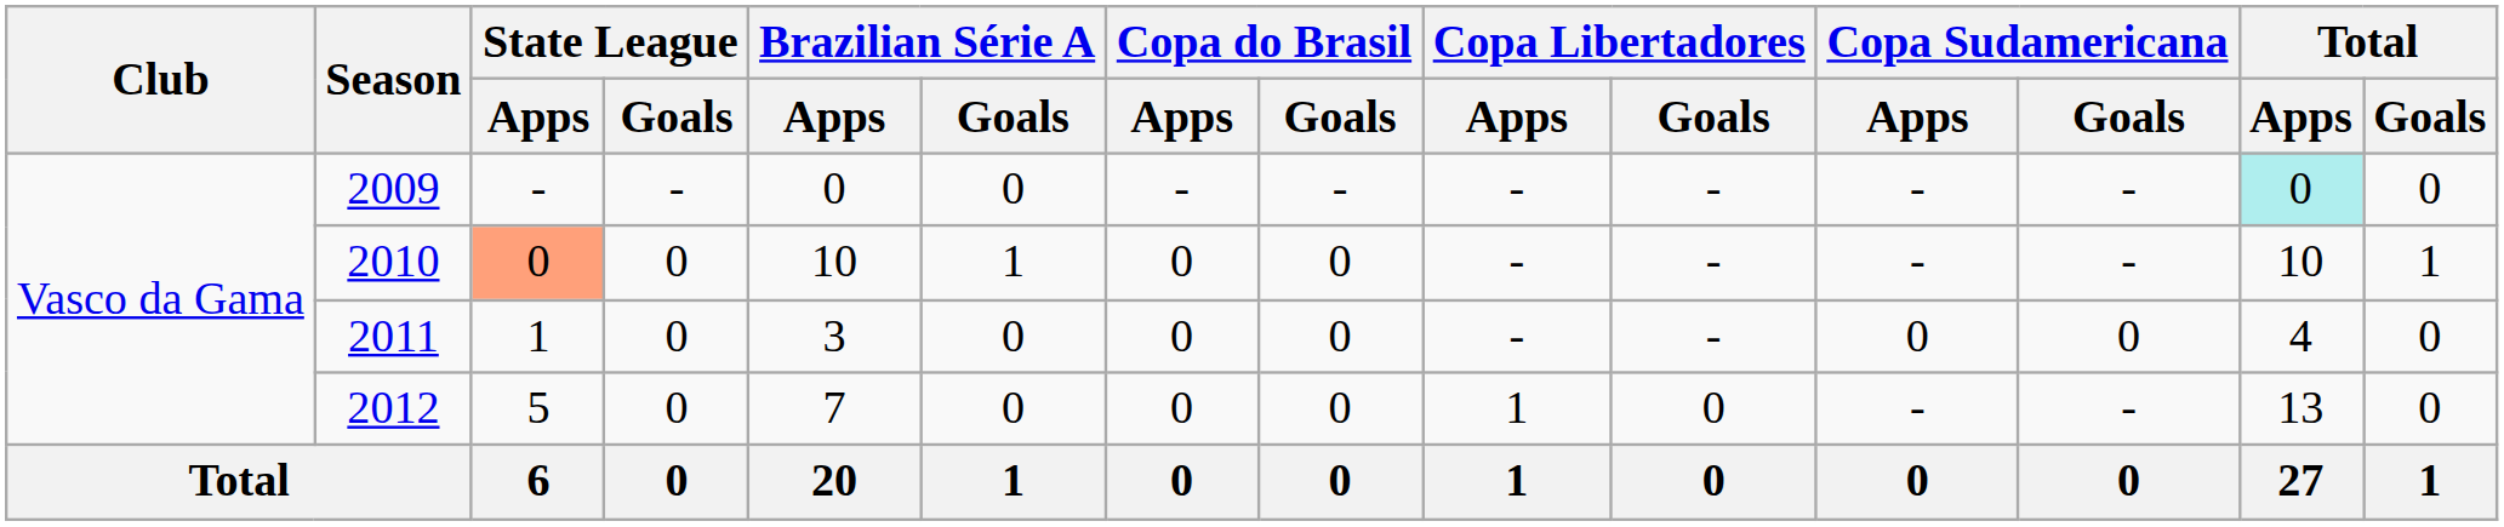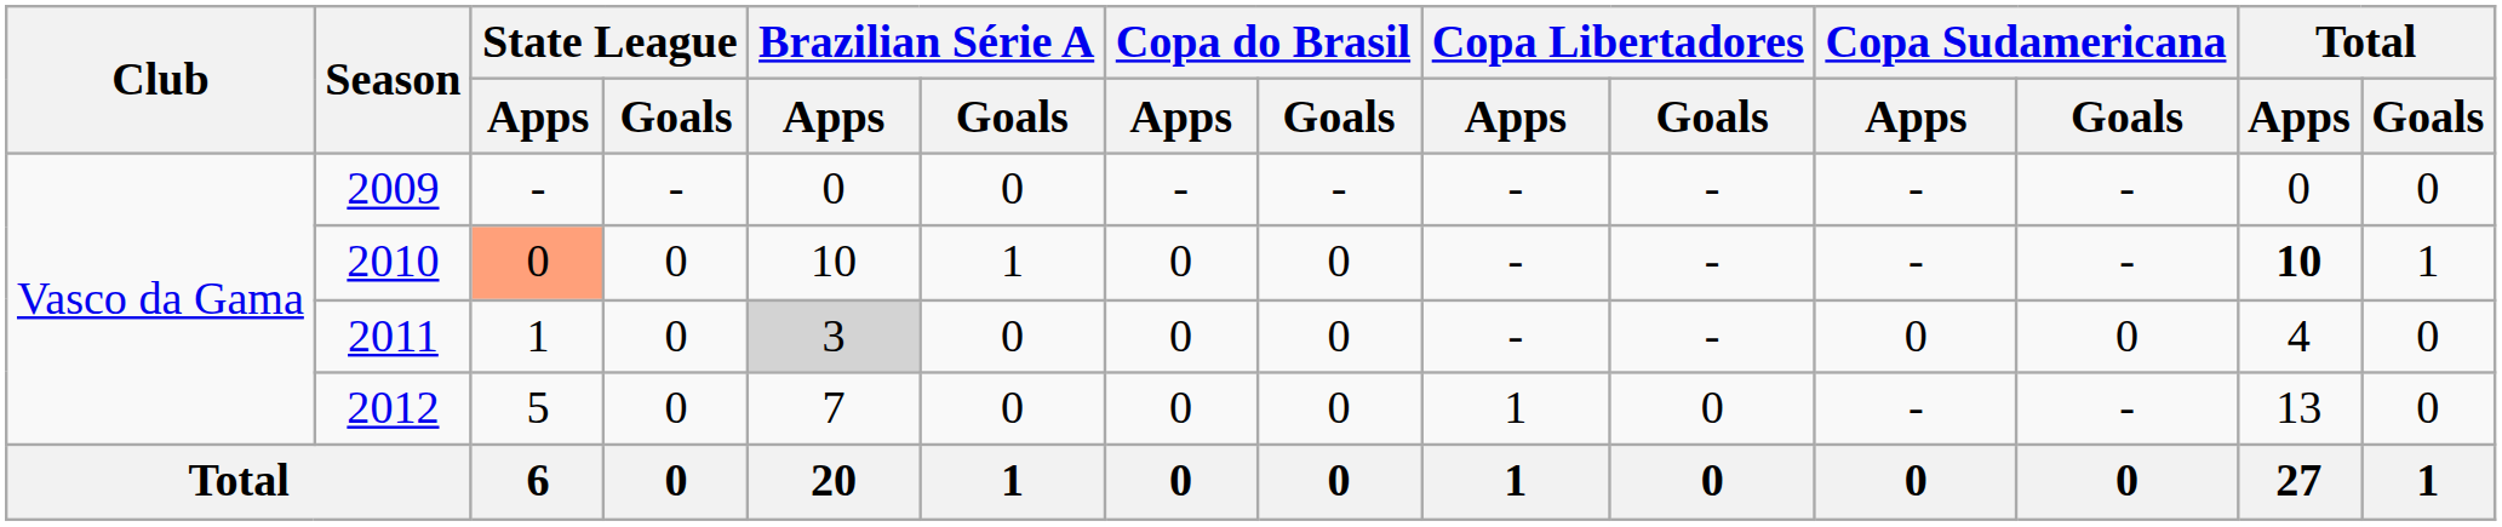 <table class="wikitable" style="text-align: center;">
 <tr>
 <th rowspan="2">Club</th>
 <th rowspan="2">Season</th>
 <th colspan="2">State League</th>
 <th colspan="2"><a href='#'>Brazilian Série A</a></th>
 <th colspan="2"><a href='#'>Copa do Brasil</a></th>
 <th colspan="2"><a href='#'>Copa Libertadores</a></th>
 <th colspan="2"><a href='#'>Copa Sudamericana</a></th>
 <th colspan="2">Total</th>
 </tr>
 <tr>
 <th>Apps</th>
 <th>Goals</th>
 <th>Apps</th>
 <th>Goals</th>
 <th>Apps</th>
 <th>Goals</th>
 <th>Apps</th>
 <th>Goals</th>
 <th>Apps</th>
 <th>Goals</th>
 <th>Apps</th>
 <th>Goals</th>
 </tr>
 <tr>
 <td rowspan="4" valign="center"><a href='#'>Vasco da Gama</a></td>
 <td><a href='#'>2009</a></td>
 <td>-</td>
 <td>-</td>
 <td>0</td>
 <td>0</td>
 <td>-</td>
 <td>-</td>
 <td>-</td>
 <td>-</td>
 <td>-</td>
 <td>-</td>
-<td style="background: paleturquoise;">0</td>
+<td>0</td>
 <td>0</td>
 </tr>
 <tr>
 <td><a href='#'>2010</a></td>
 <td style="background: lightsalmon;">0</td>
 <td>0</td>
 <td>10</td>
 <td>1</td>
 <td>0</td>
 <td>0</td>
 <td>-</td>
 <td>-</td>
 <td>-</td>
 <td>-</td>
-<td>10</td>
+<td><strong>10</strong></td>
 <td>1</td>
 </tr>
 <tr>
 <td><a href='#'>2011</a></td>
 <td>1</td>
 <td>0</td>
-<td>3</td>
+<td style="background: lightgrey;">3</td>
 <td>0</td>
 <td>0</td>
 <td>0</td>
 <td>-</td>
 <td>-</td>
 <td>0</td>
 <td>0</td>
 <td>4</td>
 <td>0</td>
 </tr>
 <tr>
 <td><a href='#'>2012</a></td>
 <td>5</td>
 <td>0</td>
 <td>7</td>
 <td>0</td>
 <td>0</td>
 <td>0</td>
 <td>1</td>
 <td>0</td>
 <td>-</td>
 <td>-</td>
 <td>13</td>
 <td>0</td>
 </tr>
 <tr>
 <th colspan="2"><strong>Total</strong></th>
 <th>6</th>
 <th>0</th>
 <th>20</th>
 <th>1</th>
 <th>0</th>
 <th>0</th>
 <th>1</th>
 <th>0</th>
 <th>0</th>
 <th>0</th>
 <th>27</th>
 <th>1</th>
 </tr>
 </table>
